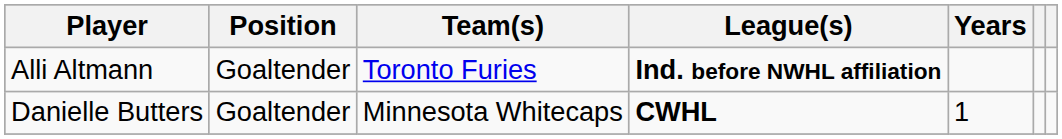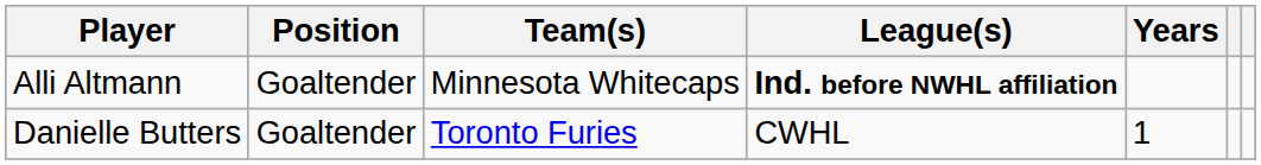 <table class="wikitable sortable">
 <tr>
 <th>Player</th>
 <th>Position</th>
 <th>Team(s)</th>
 <th>League(s)</th>
 <th>Years</th>
 <th><a href='#'></a></th>
 <th><a href='#'></a></th>
 </tr>
 <tr bgcolor=>
 <td>Alli Altmann</td>
 <td>Goaltender</td>
-<td><a href='#'>Toronto Furies</a></td>
+<td>Minnesota Whitecaps</td>
 <td><strong>Ind. <small>before NWHL affiliation</small></strong></td>
 <td></td>
 <td></td>
 <td></td>
 </tr>
 <tr bgcolor=>
 <td>Danielle Butters</td>
 <td>Goaltender</td>
-<td>Minnesota Whitecaps</td>
-<td><strong>CWHL</strong></td>
+<td><a href='#'>Toronto Furies</a></td>
+<td>CWHL</td>
 <td>1</td>
 <td></td>
 <td></td>
 </tr>
 </table>
